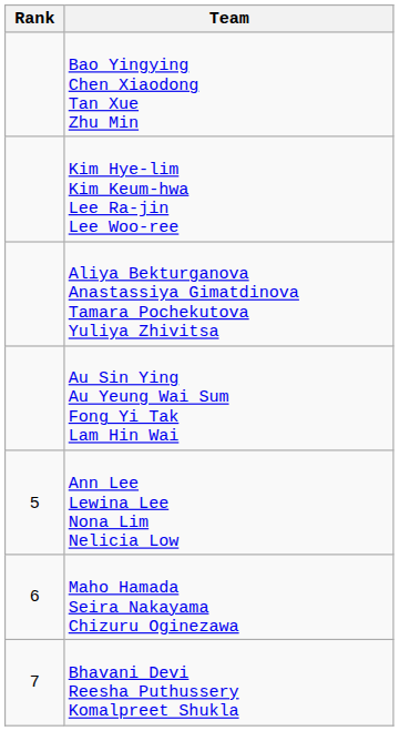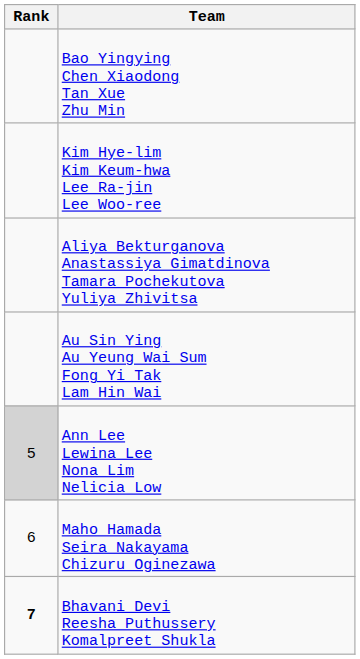 <table class="wikitable" style="text-align: center;">
 <tr>
 <th width=40>Rank</th>
 <th width=250>Team</th>
 </tr>
 <tr>
 <td></td>
 <td align=left><br><a href='#'>Bao Yingying</a><br><a href='#'>Chen Xiaodong</a><br><a href='#'>Tan Xue</a><br><a href='#'>Zhu Min</a></td>
 </tr>
 <tr>
 <td></td>
 <td align=left><br><a href='#'>Kim Hye-lim</a><br><a href='#'>Kim Keum-hwa</a><br><a href='#'>Lee Ra-jin</a><br><a href='#'>Lee Woo-ree</a></td>
 </tr>
 <tr>
 <td></td>
 <td align=left><br><a href='#'>Aliya Bekturganova</a><br><a href='#'>Anastassiya Gimatdinova</a><br><a href='#'>Tamara Pochekutova</a><br><a href='#'>Yuliya Zhivitsa</a></td>
 </tr>
 <tr>
 <td></td>
 <td align=left><br><a href='#'>Au Sin Ying</a><br><a href='#'>Au Yeung Wai Sum</a><br><a href='#'>Fong Yi Tak</a><br><a href='#'>Lam Hin Wai</a></td>
 </tr>
 <tr>
-<td>5</td>
+<td style="background: lightgrey;">5</td>
 <td align=left><br><a href='#'>Ann Lee</a><br><a href='#'>Lewina Lee</a><br><a href='#'>Nona Lim</a><br><a href='#'>Nelicia Low</a></td>
 </tr>
 <tr>
 <td>6</td>
 <td align=left><br><a href='#'>Maho Hamada</a><br><a href='#'>Seira Nakayama</a><br><a href='#'>Chizuru Oginezawa</a></td>
 </tr>
 <tr>
-<td>7</td>
+<td><strong>7</strong></td>
 <td align=left><br><a href='#'>Bhavani Devi</a><br><a href='#'>Reesha Puthussery</a><br><a href='#'>Komalpreet Shukla</a></td>
 </tr>
 </table>
